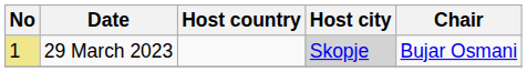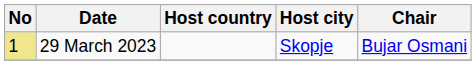 <table class="wikitable">
 <tr>
 <th>No</th>
 <th>Date</th>
 <th>Host country</th>
 <th>Host city</th>
 <th>Chair</th>
 </tr>
 <tr>
 <td style="background: khaki;">1</td>
 <td>29 March 2023</td>
 <td></td>
-<td style="background: lightgrey;"><a href='#'>Skopje</a></td>
+<td><a href='#'>Skopje</a></td>
 <td><a href='#'>Bujar Osmani</a></td>
 </tr>
 <tr>
 </tr>
 </table>
